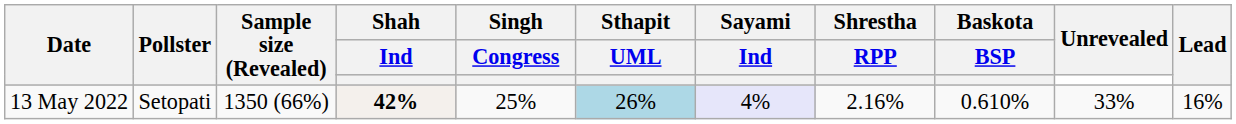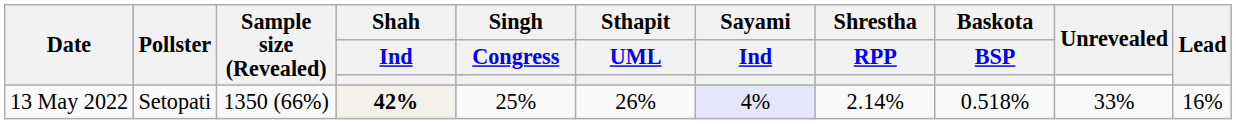 <table class="wikitable sortable" style="text-align:center;font-size:95%;line-height:16px">
 <tr>
 <th rowspan="3">Date</th>
 <th rowspan="3">Pollster</th>
 <th rowspan="3" style="width:75px;">Sample size (Revealed)</th>
 <th style="width:75px;">Shah</th>
 <th style="width:75px;">Singh</th>
 <th style="width:75px;">Sthapit</th>
 <th style="width:75px;">Sayami</th>
 <th style="width:75px;">Shrestha</th>
 <th style="width:75px;">Baskota</th>
 <th rowspan="2">Unrevealed</th>
 <th rowspan="3">Lead</th>
 </tr>
 <tr>
 <th><a href='#'>Ind</a></th>
 <th><a href='#'>Congress</a></th>
 <th><a href='#'>UML</a></th>
 <th><a href='#'>Ind</a></th>
 <th><a href='#'>RPP</a></th>
 <th><a href='#'>BSP</a></th>
 </tr>
 <tr>
 <th style="background:"></th>
 <th style="background:"></th>
 <th style="background:"></th>
 <th style="background:"></th>
 <th style="background:"></th>
 <th style="background:"></th>
 <th style="background:white"></th>
 </tr>
 <tr>
 <td>13 May 2022</td>
 <td>Setopati</td>
 <td>1350 (66%)</td>
 <td style="background:#f4f0ec;"><strong>42%</strong></td>
 <td>25%</td>
-<td style="background: lightblue;">26%</td>
+<td>26%</td>
 <td style="background: lavender;">4%</td>
-<td>2.16%</td>
-<td>0.610%</td>
+<td>2.14%</td>
+<td>0.518%</td>
 <td>33%</td>
 <td style="background:">16%</td>
 </tr>
 </table>
